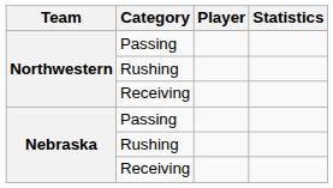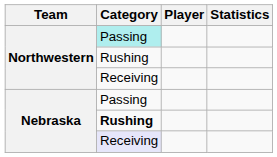 <table class="wikitable" style="float:right">
 <tr>
 <th>Team</th>
 <th>Category</th>
 <th>Player</th>
 <th>Statistics</th>
 </tr>
 <tr>
 <th rowspan=3>Northwestern</th>
-<td>Passing</td>
+<td style="background: paleturquoise;">Passing</td>
 <td></td>
 <td></td>
 </tr>
 <tr>
 <td>Rushing</td>
 <td></td>
 <td></td>
 </tr>
 <tr>
 <td>Receiving</td>
 <td></td>
 <td></td>
 </tr>
 <tr>
 <th rowspan=3>Nebraska</th>
 <td>Passing</td>
 <td></td>
 <td></td>
 </tr>
 <tr>
-<td>Rushing</td>
+<td><strong>Rushing</strong></td>
 <td></td>
 <td></td>
 </tr>
 <tr>
-<td>Receiving</td>
+<td style="background: lavender;">Receiving</td>
 <td></td>
 <td></td>
 </tr>
 </table>
